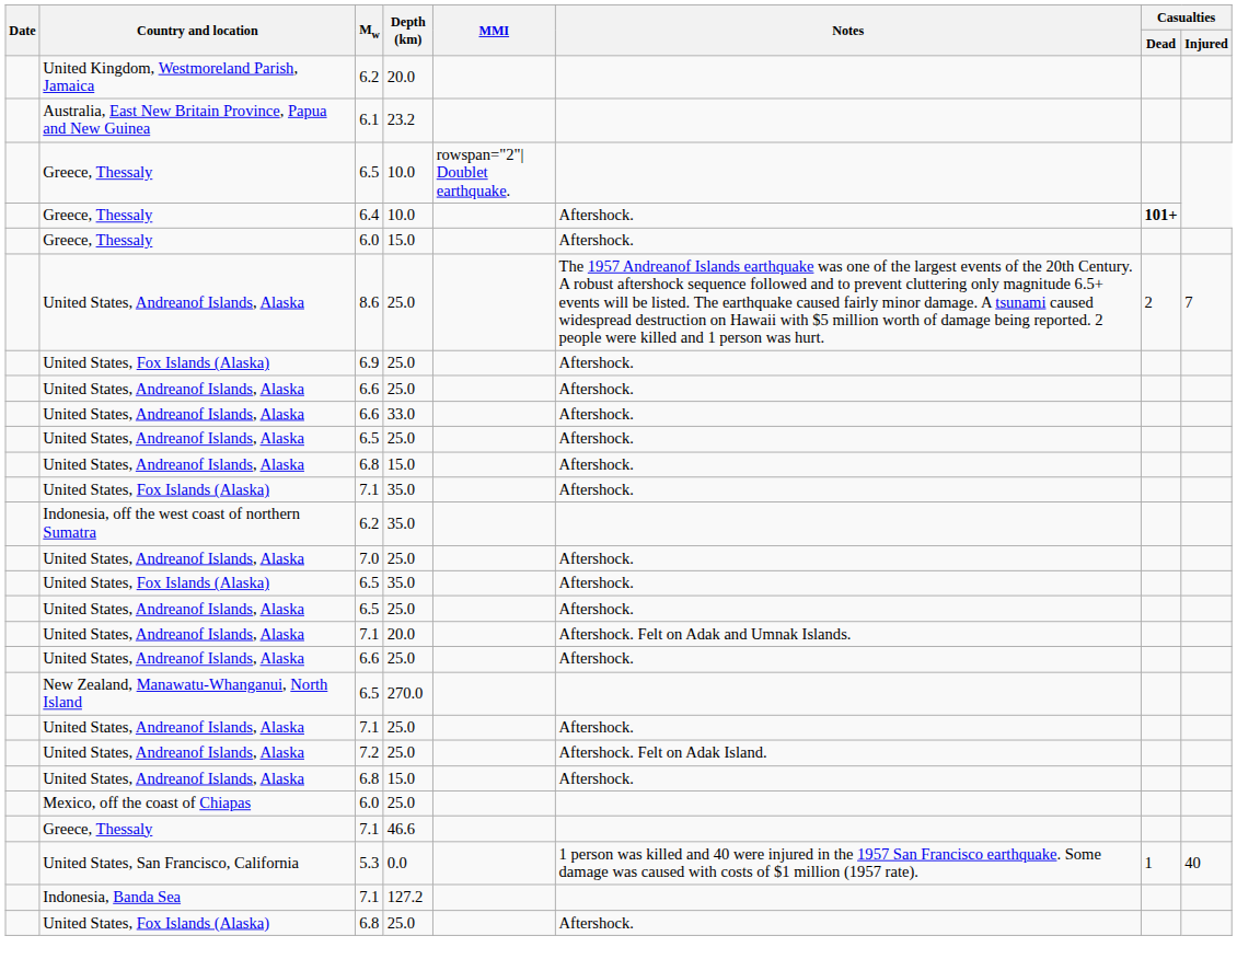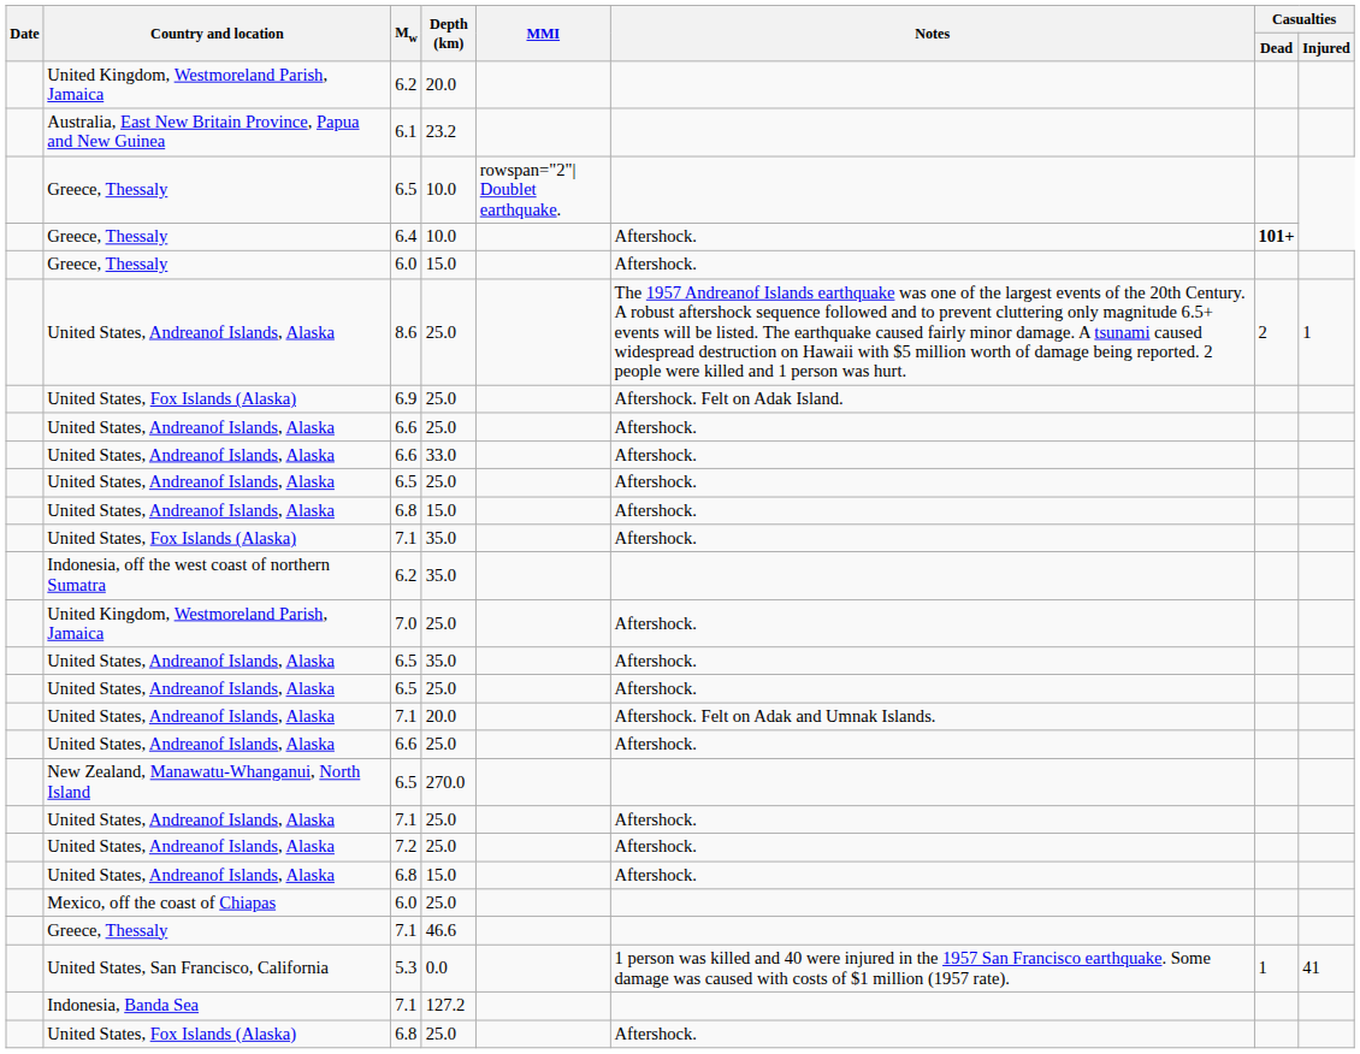 <table class="wikitable sortable sort-under" style="border:1px black; margin-left:1em;">
 <tr>
 <th rowspan="2"><small>Date</small></th>
 <th rowspan="2" style="width: 310px"><small>Country and location</small></th>
 <th rowspan="2"><small>M<sub>w</sub></small></th>
 <th rowspan="2"><small>Depth (km)</small></th>
 <th rowspan="2"><small><a href='#'>MMI</a></small></th>
 <th rowspan="2" class="unsortable"><small>Notes</small></th>
 <th colspan="2"><small>Casualties</small></th>
 </tr>
 <tr>
 <th><small>Dead</small></th>
 <th><small>Injured</small></th>
 </tr>
 <tr>
 <td></td>
 <td>United Kingdom, <a href='#'>Westmoreland Parish</a>, <a href='#'>Jamaica</a></td>
 <td>6.2</td>
 <td>20.0</td>
 <td></td>
 <td></td>
 <td></td>
 <td></td>
 </tr>
 <tr>
 <td></td>
 <td>Australia, <a href='#'>East New Britain Province</a>, <a href='#'>Papua and New Guinea</a></td>
 <td>6.1</td>
 <td>23.2</td>
 <td></td>
 <td></td>
 <td></td>
 <td></td>
 </tr>
 <tr>
 <td></td>
 <td>Greece, <a href='#'>Thessaly</a></td>
 <td>6.5</td>
 <td>10.0</td>
 <td>rowspan="2"| <a href='#'>Doublet earthquake</a>.</td>
 <td></td>
 <td></td>
 </tr>
 <tr>
 <td></td>
 <td>Greece, <a href='#'>Thessaly</a></td>
 <td>6.4</td>
 <td>10.0</td>
 <td></td>
 <td>Aftershock.</td>
 <td><strong>101+</strong></td>
 </tr>
 <tr>
 <td></td>
 <td>Greece, <a href='#'>Thessaly</a></td>
 <td>6.0</td>
 <td>15.0</td>
 <td></td>
 <td>Aftershock.</td>
 <td></td>
 <td></td>
 </tr>
 <tr>
 <td></td>
 <td>United States, <a href='#'>Andreanof Islands</a>, <a href='#'>Alaska</a></td>
 <td>8.6</td>
 <td>25.0</td>
 <td></td>
 <td>The <a href='#'>1957 Andreanof Islands earthquake</a> was one of the largest events of the 20th Century. A robust aftershock sequence followed and to prevent cluttering only magnitude 6.5+ events will be listed. The earthquake caused fairly minor damage. A <a href='#'>tsunami</a> caused widespread destruction on Hawaii with $5 million worth of damage being reported. 2 people were killed and 1 person was hurt.</td>
 <td>2</td>
-<td>7</td>
+<td>1</td>
 </tr>
 <tr>
 <td></td>
 <td>United States, <a href='#'>Fox Islands (Alaska)</a></td>
 <td>6.9</td>
 <td>25.0</td>
 <td></td>
-<td>Aftershock.</td>
+<td>Aftershock. Felt on Adak Island.</td>
 <td></td>
 <td></td>
 </tr>
 <tr>
 <td></td>
 <td>United States, <a href='#'>Andreanof Islands</a>, <a href='#'>Alaska</a></td>
 <td>6.6</td>
 <td>25.0</td>
 <td></td>
 <td>Aftershock.</td>
 <td></td>
 <td></td>
 </tr>
 <tr>
 <td></td>
 <td>United States, <a href='#'>Andreanof Islands</a>, <a href='#'>Alaska</a></td>
 <td>6.6</td>
 <td>33.0</td>
 <td></td>
 <td>Aftershock.</td>
 <td></td>
 <td></td>
 </tr>
 <tr>
 <td></td>
 <td>United States, <a href='#'>Andreanof Islands</a>, <a href='#'>Alaska</a></td>
 <td>6.5</td>
 <td>25.0</td>
 <td></td>
 <td>Aftershock.</td>
 <td></td>
 <td></td>
 </tr>
 <tr>
 <td></td>
 <td>United States, <a href='#'>Andreanof Islands</a>, <a href='#'>Alaska</a></td>
 <td>6.8</td>
 <td>15.0</td>
 <td></td>
 <td>Aftershock.</td>
 <td></td>
 <td></td>
 </tr>
 <tr>
 <td></td>
 <td>United States, <a href='#'>Fox Islands (Alaska)</a></td>
 <td>7.1</td>
 <td>35.0</td>
 <td></td>
 <td>Aftershock.</td>
 <td></td>
 <td></td>
 </tr>
 <tr>
 <td></td>
 <td>Indonesia, off the west coast of northern <a href='#'>Sumatra</a></td>
 <td>6.2</td>
 <td>35.0</td>
 <td></td>
 <td></td>
 <td></td>
 <td></td>
 </tr>
 <tr>
 <td></td>
-<td>United States, <a href='#'>Andreanof Islands</a>, <a href='#'>Alaska</a></td>
+<td>United Kingdom, <a href='#'>Westmoreland Parish</a>, <a href='#'>Jamaica</a></td>
 <td>7.0</td>
 <td>25.0</td>
 <td></td>
 <td>Aftershock.</td>
 <td></td>
 <td></td>
 </tr>
 <tr>
 <td></td>
-<td>United States, <a href='#'>Fox Islands (Alaska)</a></td>
+<td>United States, <a href='#'>Andreanof Islands</a>, <a href='#'>Alaska</a></td>
 <td>6.5</td>
 <td>35.0</td>
 <td></td>
 <td>Aftershock.</td>
 <td></td>
 <td></td>
 </tr>
 <tr>
 <td></td>
 <td>United States, <a href='#'>Andreanof Islands</a>, <a href='#'>Alaska</a></td>
 <td>6.5</td>
 <td>25.0</td>
 <td></td>
 <td>Aftershock.</td>
 <td></td>
 <td></td>
 </tr>
 <tr>
 <td></td>
 <td>United States, <a href='#'>Andreanof Islands</a>, <a href='#'>Alaska</a></td>
 <td>7.1</td>
 <td>20.0</td>
 <td></td>
 <td>Aftershock. Felt on Adak and Umnak Islands.</td>
 <td></td>
 <td></td>
 </tr>
 <tr>
 <td></td>
 <td>United States, <a href='#'>Andreanof Islands</a>, <a href='#'>Alaska</a></td>
 <td>6.6</td>
 <td>25.0</td>
 <td></td>
 <td>Aftershock.</td>
 <td></td>
 <td></td>
 </tr>
 <tr>
 <td></td>
 <td>New Zealand, <a href='#'>Manawatu-Whanganui</a>, <a href='#'>North Island</a></td>
 <td>6.5</td>
 <td>270.0</td>
 <td></td>
 <td></td>
 <td></td>
 <td></td>
 </tr>
 <tr>
 <td></td>
 <td>United States, <a href='#'>Andreanof Islands</a>, <a href='#'>Alaska</a></td>
 <td>7.1</td>
 <td>25.0</td>
 <td></td>
 <td>Aftershock.</td>
 <td></td>
 <td></td>
 </tr>
 <tr>
 <td></td>
 <td>United States, <a href='#'>Andreanof Islands</a>, <a href='#'>Alaska</a></td>
 <td>7.2</td>
 <td>25.0</td>
 <td></td>
-<td>Aftershock. Felt on Adak Island.</td>
+<td>Aftershock.</td>
 <td></td>
 <td></td>
 </tr>
 <tr>
 <td></td>
 <td>United States, <a href='#'>Andreanof Islands</a>, <a href='#'>Alaska</a></td>
 <td>6.8</td>
 <td>15.0</td>
 <td></td>
 <td>Aftershock.</td>
 <td></td>
 <td></td>
 </tr>
 <tr>
 <td></td>
 <td>Mexico, off the coast of <a href='#'>Chiapas</a></td>
 <td>6.0</td>
 <td>25.0</td>
 <td></td>
 <td></td>
 <td></td>
 <td></td>
 </tr>
 <tr>
 <td></td>
 <td>Greece, <a href='#'>Thessaly</a></td>
 <td>7.1</td>
 <td>46.6</td>
 <td></td>
 <td></td>
 <td></td>
 <td></td>
 </tr>
 <tr>
 <td></td>
 <td>United States, San Francisco, California</td>
 <td>5.3</td>
 <td>0.0</td>
 <td></td>
 <td>1 person was killed and 40 were injured in the <a href='#'>1957 San Francisco earthquake</a>. Some damage was caused with costs of $1 million (1957 rate).</td>
 <td>1</td>
-<td>40</td>
+<td>41</td>
 </tr>
 <tr>
 <td></td>
 <td>Indonesia, <a href='#'>Banda Sea</a></td>
 <td>7.1</td>
 <td>127.2</td>
 <td></td>
 <td></td>
 <td></td>
 <td></td>
 </tr>
 <tr>
 <td></td>
 <td>United States, <a href='#'>Fox Islands (Alaska)</a></td>
 <td>6.8</td>
 <td>25.0</td>
 <td></td>
 <td>Aftershock.</td>
 <td></td>
 <td></td>
 </tr>
 </table>
